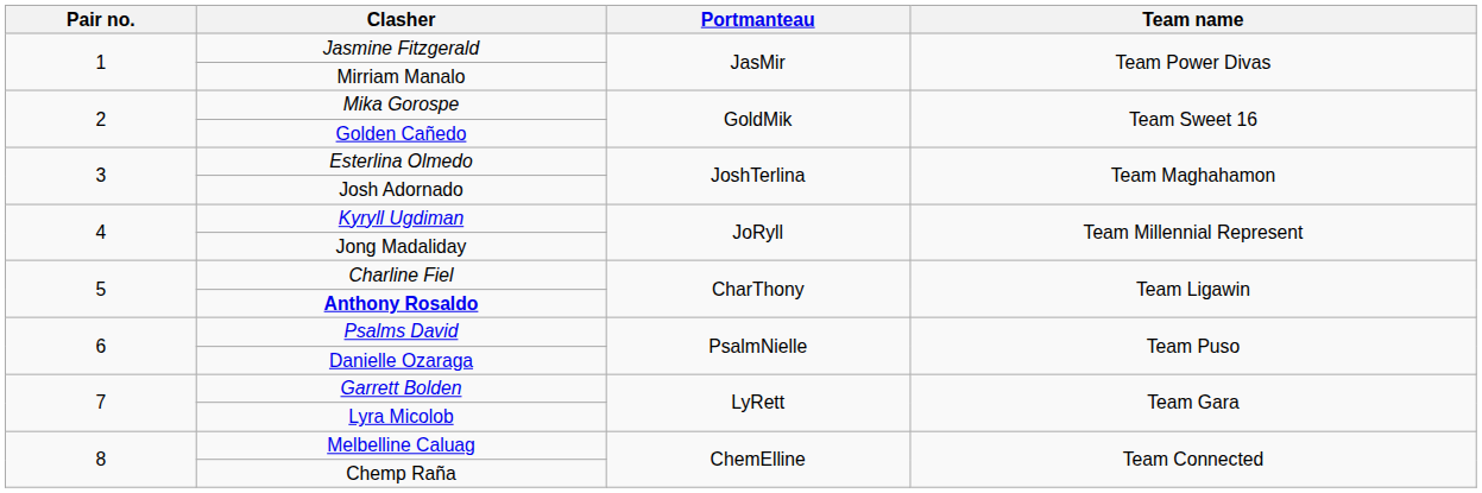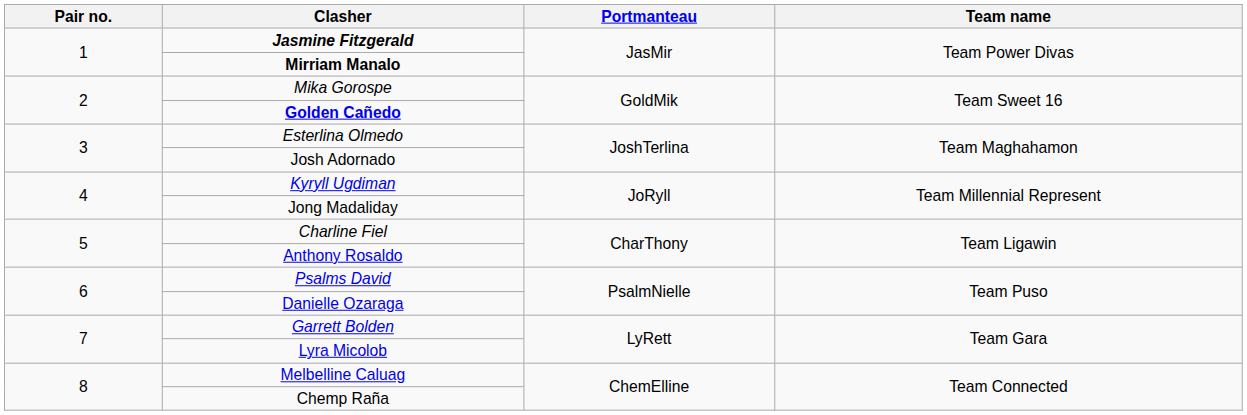 <table class="wikitable collapsible collapsed" style="text-align:center; line-height:17px; width:100%;">
 <tr>
 <th>Pair no.</th>
 <th>Clasher</th>
 <th><a href='#'>Portmanteau</a></th>
 <th>Team name</th>
 </tr>
 <tr>
 <td rowspan="2">1</td>
-<td><em>Jasmine Fitzgerald</em></td>
+<td><strong><em>Jasmine Fitzgerald</em></strong></td>
 <td rowspan="2">JasMir</td>
 <td rowspan="2">Team Power Divas</td>
 </tr>
 <tr>
-<td>Mirriam Manalo</td>
+<td><strong>Mirriam Manalo</strong></td>
 </tr>
 <tr>
 <td rowspan="2">2</td>
 <td><em>Mika Gorospe</em></td>
 <td rowspan="2">GoldMik</td>
 <td rowspan="2">Team Sweet 16</td>
 </tr>
 <tr>
-<td><a href='#'>Golden Cañedo</a></td>
+<td><strong><a href='#'>Golden Cañedo</a></strong></td>
 </tr>
 <tr>
 <td rowspan="2">3</td>
 <td><em>Esterlina Olmedo</em></td>
 <td rowspan="2">JoshTerlina</td>
 <td rowspan="2">Team Maghahamon</td>
 </tr>
 <tr>
 <td>Josh Adornado</td>
 </tr>
 <tr>
 <td rowspan="2">4</td>
 <td><em><a href='#'>Kyryll Ugdiman</a></em></td>
 <td rowspan="2">JoRyll</td>
 <td rowspan="2">Team Millennial Represent</td>
 </tr>
 <tr>
 <td>Jong Madaliday</td>
 </tr>
 <tr>
 <td rowspan="2">5</td>
 <td><em>Charline Fiel</em></td>
 <td rowspan="2">CharThony</td>
 <td rowspan="2">Team Ligawin</td>
 </tr>
 <tr>
-<td><strong><a href='#'>Anthony Rosaldo</a></strong></td>
+<td><a href='#'>Anthony Rosaldo</a></td>
 </tr>
 <tr>
 <td rowspan="2">6</td>
 <td><em><a href='#'>Psalms David</a></em></td>
 <td rowspan="2">PsalmNielle</td>
 <td rowspan="2">Team Puso</td>
 </tr>
 <tr>
 <td><a href='#'>Danielle Ozaraga</a></td>
 </tr>
 <tr>
 <td rowspan="2">7</td>
 <td><em><a href='#'>Garrett Bolden</a></em></td>
 <td rowspan="2">LyRett</td>
 <td rowspan="2">Team Gara</td>
 </tr>
 <tr>
 <td><a href='#'>Lyra Micolob</a></td>
 </tr>
 <tr>
 <td rowspan="2">8</td>
 <td><a href='#'>Melbelline Caluag</a></td>
 <td rowspan="2">ChemElline</td>
 <td rowspan="2">Team Connected</td>
 </tr>
 <tr>
 <td>Chemp Raña</td>
 </tr>
 </table>
